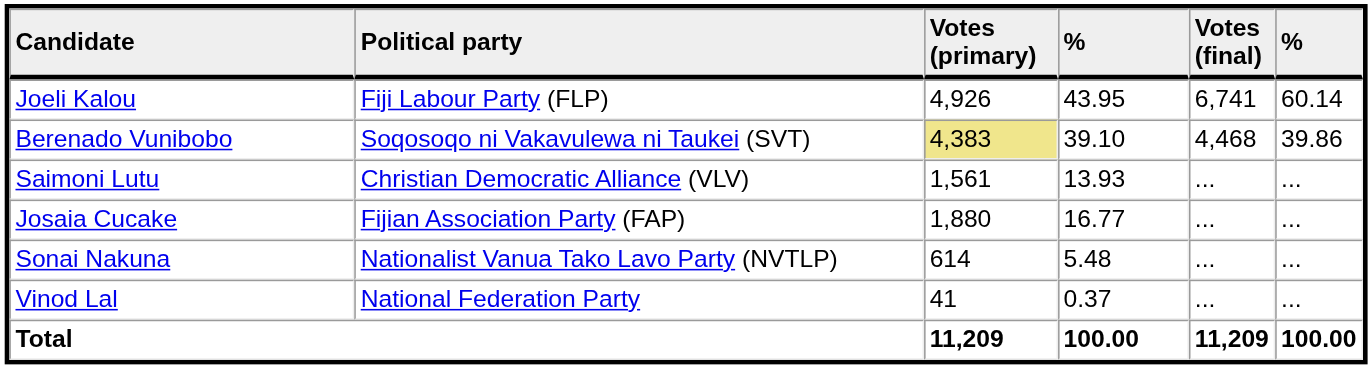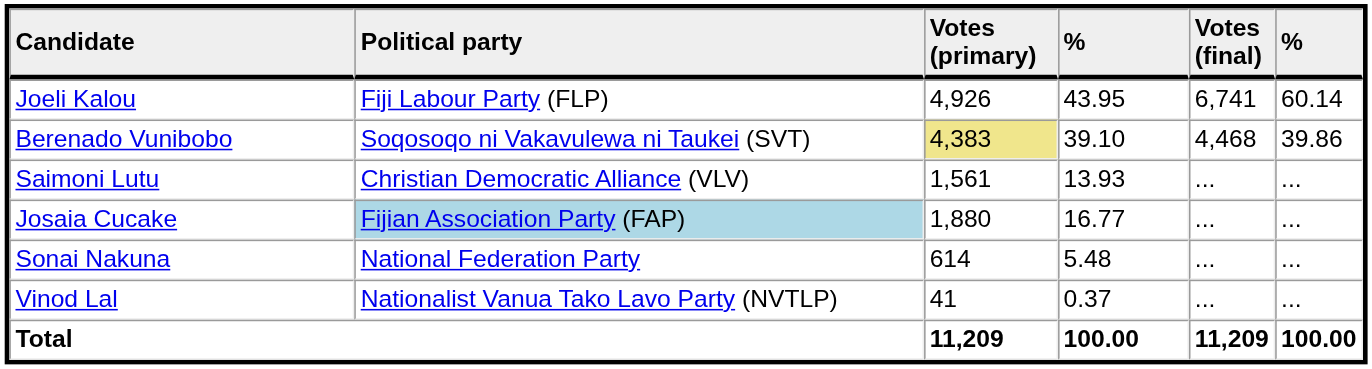 <table table width="70%" border="1" align="center" cellpadding=3 cellspacing=0 style="margin:5px; border:3px solid;">
 <tr>
 <td td width="27%" style="border-bottom:3px solid; background:#efefef;"><strong>Candidate</strong></td>
 <td td width="45%" style="border-bottom:3px solid; background:#efefef;"><strong>Political party</strong></td>
 <td td width="10%" style="border-bottom:3px solid; background:#efefef;"><strong>Votes<br>(primary)</strong></td>
 <td td width="10%" style="border-bottom:3px solid; background:#efefef;"><strong>%</strong></td>
 <td td width="4%" style="border-bottom:3px solid; background:#efefef;"><strong>Votes<br>(final)</strong></td>
 <td td width="4%" style="border-bottom:3px solid; background:#efefef;"><strong>%</strong></td>
 </tr>
 <tr>
 <td><a href='#'>Joeli Kalou</a></td>
 <td><a href='#'>Fiji Labour Party</a> (FLP)</td>
 <td>4,926</td>
 <td>43.95</td>
 <td>6,741</td>
 <td>60.14</td>
 </tr>
 <tr>
 <td><a href='#'>Berenado Vunibobo</a></td>
 <td><a href='#'>Soqosoqo ni Vakavulewa ni Taukei</a> (SVT)</td>
 <td style="background: khaki;">4,383</td>
 <td>39.10</td>
 <td>4,468</td>
 <td>39.86</td>
 </tr>
 <tr>
 <td><a href='#'>Saimoni Lutu</a></td>
 <td><a href='#'>Christian Democratic Alliance</a> (VLV)</td>
 <td>1,561</td>
 <td>13.93</td>
 <td>...</td>
 <td>...</td>
 </tr>
 <tr>
 <td><a href='#'>Josaia Cucake</a></td>
-<td><a href='#'>Fijian Association Party</a> (FAP)</td>
+<td style="background: lightblue;"><a href='#'>Fijian Association Party</a> (FAP)</td>
 <td>1,880</td>
 <td>16.77</td>
 <td>...</td>
 <td>...</td>
 </tr>
 <tr>
 <td><a href='#'>Sonai Nakuna</a></td>
-<td><a href='#'>Nationalist Vanua Tako Lavo Party</a> (NVTLP)</td>
+<td><a href='#'>National Federation Party</a></td>
 <td>614</td>
 <td>5.48</td>
 <td>...</td>
 <td>...</td>
 </tr>
 <tr>
 <td><a href='#'>Vinod Lal</a></td>
-<td><a href='#'>National Federation Party</a></td>
+<td><a href='#'>Nationalist Vanua Tako Lavo Party</a> (NVTLP)</td>
 <td>41</td>
 <td>0.37</td>
 <td>...</td>
 <td>...</td>
 </tr>
 <tr>
 <td colspan=2><strong>Total</strong></td>
 <td><strong>11,209</strong></td>
 <td><strong>100.00</strong></td>
 <td><strong>11,209</strong></td>
 <td><strong>100.00</strong></td>
 </tr>
 <tr>
 </tr>
 </table>
